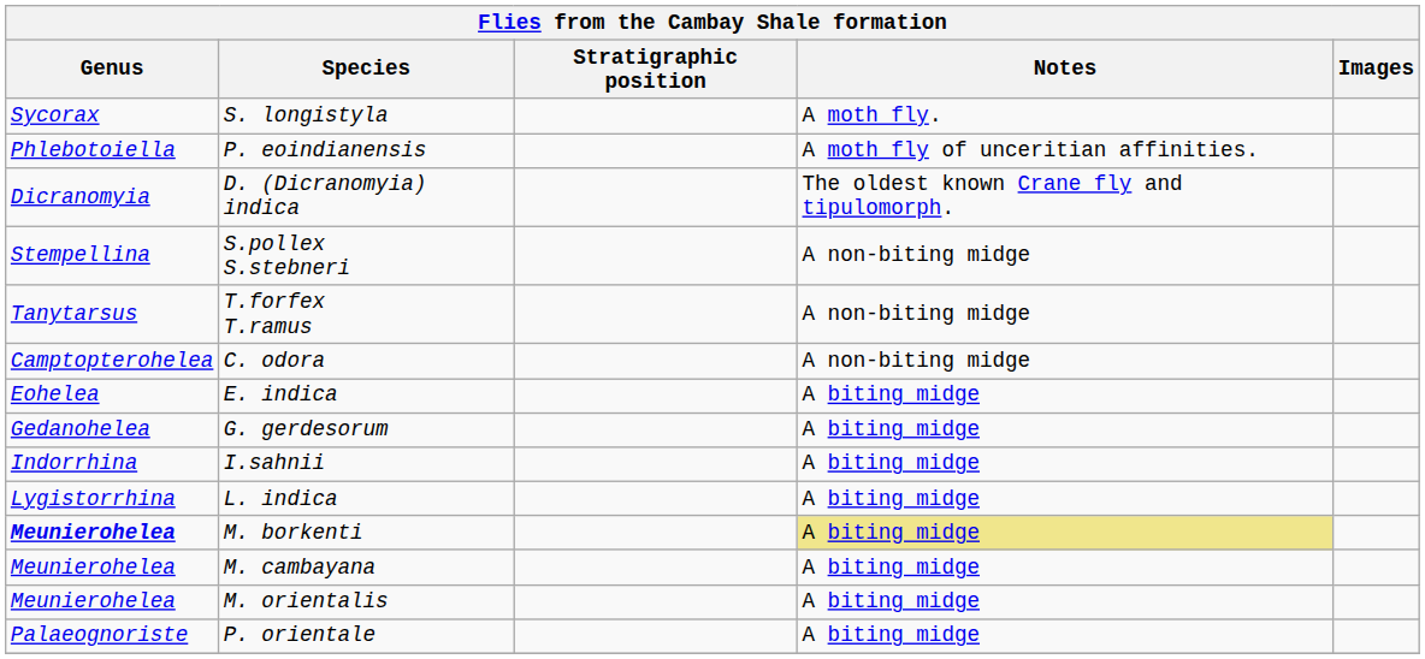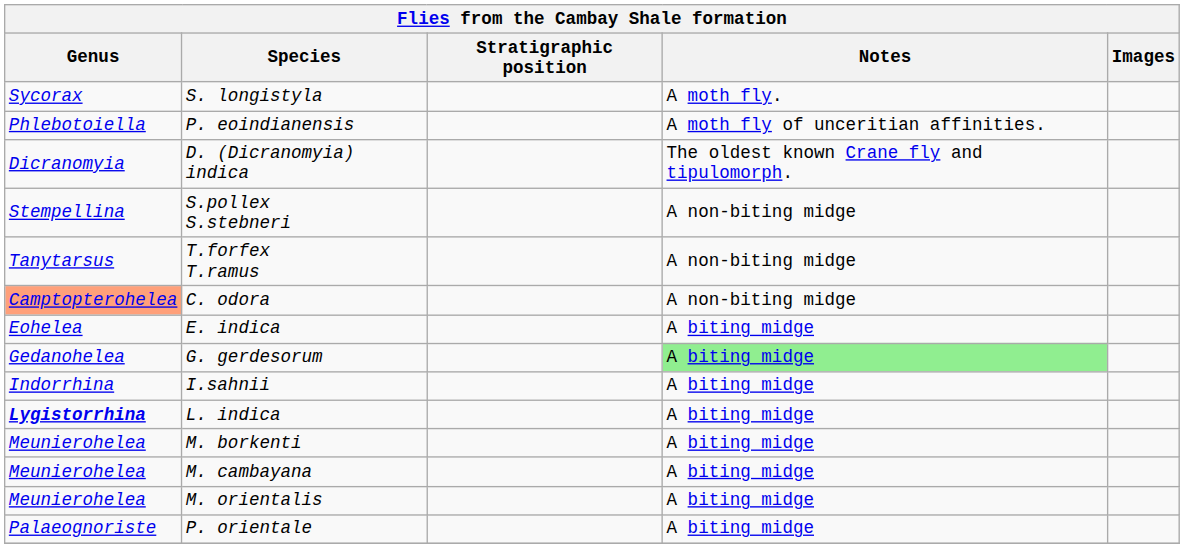 <table class="wikitable" align="center">
 <tr>
 <th colspan="7" align="center"><strong><a href='#'>Flies</a> from the Cambay Shale formation</strong></th>
 </tr>
 <tr>
 <th>Genus</th>
 <th>Species</th>
 <th>Stratigraphic position</th>
 <th>Notes</th>
 <th>Images</th>
 </tr>
 <tr>
 <td><em><a href='#'>Sycorax</a></em></td>
 <td><em>S. longistyla</em></td>
 <td></td>
 <td>A <a href='#'>moth fly</a>.</td>
 <td></td>
 </tr>
 <tr>
 <td><em><a href='#'>Phlebotoiella</a></em></td>
 <td><em>P. eoindianensis </em></td>
 <td></td>
 <td>A <a href='#'>moth fly</a> of unceritian affinities.</td>
 <td></td>
 </tr>
 <tr>
 <td><em><a href='#'>Dicranomyia</a></em></td>
 <td><em>D. (Dicranomyia) indica </em></td>
 <td></td>
 <td>The oldest known <a href='#'>Crane fly</a> and <a href='#'>tipulomorph</a>.</td>
 <td></td>
 </tr>
 <tr>
 <td><em><a href='#'>Stempellina</a></em></td>
 <td><em>S.pollex<br>S.stebneri</em></td>
 <td></td>
 <td>A non-biting midge</td>
 <td></td>
 </tr>
 <tr>
 <td><em><a href='#'>Tanytarsus</a></em></td>
 <td><em>T.forfex<br>T.ramus</em></td>
 <td></td>
 <td>A non-biting midge</td>
 <td></td>
 </tr>
 <tr>
-<td><em><a href='#'>Camptopterohelea</a></em></td>
+<td style="background: lightsalmon;"><em><a href='#'>Camptopterohelea</a></em></td>
 <td><em>C. odora</em></td>
 <td></td>
 <td>A non-biting midge</td>
 <td></td>
 </tr>
 <tr>
 <td><em><a href='#'>Eohelea</a></em></td>
 <td><em>E. indica</em></td>
 <td></td>
 <td>A <a href='#'>biting midge</a></td>
 <td></td>
 </tr>
 <tr>
 <td><em><a href='#'>Gedanohelea</a></em></td>
 <td><em>G. gerdesorum</em></td>
 <td></td>
-<td>A <a href='#'>biting midge</a></td>
+<td style="background: lightgreen;">A <a href='#'>biting midge</a></td>
 <td></td>
 </tr>
 <tr>
 <td><em><a href='#'>Indorrhina</a></em></td>
 <td><em>I.sahnii</em></td>
 <td></td>
 <td>A <a href='#'>biting midge</a></td>
 <td></td>
 </tr>
 <tr>
-<td><em><a href='#'>Lygistorrhina</a></em></td>
+<td><strong><em><a href='#'>Lygistorrhina</a></em></strong></td>
 <td><em>L. indica</em></td>
 <td></td>
 <td>A <a href='#'>biting midge</a></td>
 <td></td>
 </tr>
 <tr>
-<td><strong><em><a href='#'>Meunierohelea</a></em></strong></td>
+<td><em><a href='#'>Meunierohelea</a></em></td>
 <td><em>M. borkenti</em></td>
 <td></td>
-<td style="background: khaki;">A <a href='#'>biting midge</a></td>
+<td>A <a href='#'>biting midge</a></td>
 <td></td>
 </tr>
 <tr>
 <td><em><a href='#'>Meunierohelea</a></em></td>
 <td><em>M. cambayana</em></td>
 <td></td>
 <td>A <a href='#'>biting midge</a></td>
 <td></td>
 </tr>
 <tr>
 <td><em><a href='#'>Meunierohelea</a></em></td>
 <td><em>M. orientalis</em></td>
 <td></td>
 <td>A <a href='#'>biting midge</a></td>
 <td></td>
 </tr>
 <tr>
 <td><em><a href='#'>Palaeognoriste</a></em></td>
 <td><em>P. orientale</em></td>
 <td></td>
 <td>A <a href='#'>biting midge</a></td>
 <td></td>
 </tr>
 <tr>
 </tr>
 </table>
